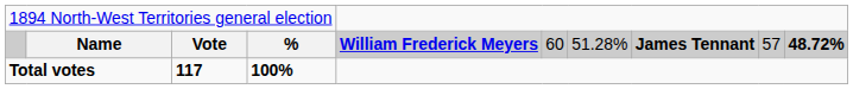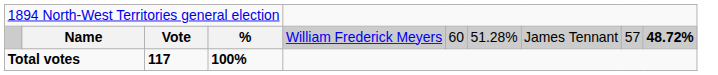 <table class="wikitable">
 <tr>
 <td colspan=4 align=center><a href='#'>1894 North-West Territories general election</a></td>
 </tr>
 <tr bgcolor="CCCCCC">
 <td></td>
 <th>Name</th>
 <th>Vote</th>
 <th>%<br></th>
-<td><strong><a href='#'>William Frederick Meyers</a></strong></td>
+<td><a href='#'>William Frederick Meyers</a></td>
 <td>60</td>
 <td>51.28%<br></td>
-<td><strong>James Tennant</strong></td>
+<td>James Tennant</td>
 <td>57</td>
 <td><strong>48.72%</strong></td>
 </tr>
 <tr>
 <td colspan=2><strong>Total votes</strong></td>
 <td><strong>117</strong></td>
 <td alignment="left"><strong>100%</strong></td>
 </tr>
 </table>
